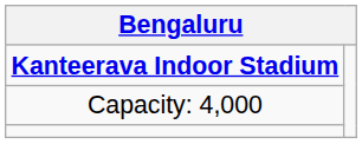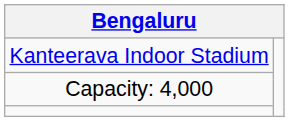 <table class="wikitable" style="text-align:center">
 <tr>
 <th colspan=2><a href='#'>Bengaluru</a></th>
 </tr>
 <tr>
-<td><strong><a href='#'>Kanteerava Indoor Stadium</a></strong></td>
+<td><a href='#'>Kanteerava Indoor Stadium</a></td>
 <td rowspan=3></td>
 </tr>
 <tr>
 <td>Capacity: 4,000</td>
 </tr>
 <tr>
 <td></td>
 </tr>
 </table>
